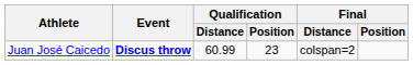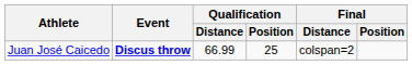 <table class=wikitable style="font-size:90%">
 <tr>
 <th rowspan="2">Athlete</th>
 <th rowspan="2">Event</th>
 <th colspan="2">Qualification</th>
 <th colspan="2">Final</th>
 </tr>
 <tr style="font-size:95%">
 <th>Distance</th>
 <th>Position</th>
 <th>Distance</th>
 <th>Position</th>
 </tr>
 <tr align=center>
 <td align=left><a href='#'>Juan José Caicedo</a></td>
 <td align=left><strong><a href='#'>Discus throw</a></strong></td>
-<td>60.99</td>
-<td>23</td>
+<td>66.99</td>
+<td>25</td>
 <td>colspan=2 </td>
 </tr>
 </table>
